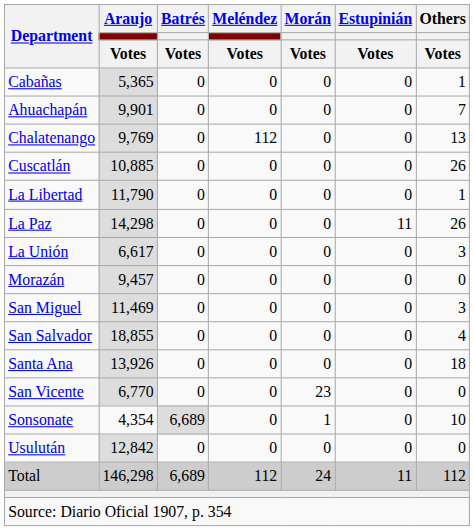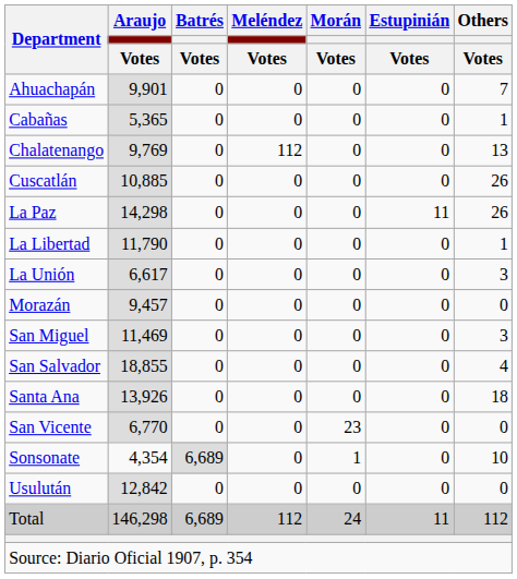 <table class="wikitable sortable" style="text-align:right; font-size:95%; line-height:20px;">
 <tr>
 <th rowspan="3"><a href='#'>Department</a></th>
 <th width="30px" class="unsortable"><a href='#'>Araujo</a></th>
 <th width="30px" class="unsortable"><a href='#'>Batrés</a></th>
 <th width="30px" class="unsortable"><a href='#'>Meléndez</a></th>
 <th width="30px" class="unsortable"><a href='#'>Morán</a></th>
 <th width="30px" class="unsortable"><a href='#'>Estupinián</a></th>
 <th width="30px" class="unsortable">Others</th>
 </tr>
 <tr>
 <th style="background:#800000"></th>
 <th style="background:"></th>
 <th style="background:#800000"></th>
 <th style="background:"></th>
 <th style="background:"></th>
 <th style="background:"></th>
 </tr>
 <tr>
 <th data-sort-type="number">Votes</th>
 <th data-sort-type="number">Votes</th>
 <th data-sort-type="number">Votes</th>
 <th data-sort-type="number">Votes</th>
 <th data-sort-type="number">Votes</th>
 <th data-sort-type="number">Votes</th>
 </tr>
 <tr>
+<td align="left"><a href='#'>Ahuachapán</a></td>
+<td style="background:#DDD">9,901</td>
+<td>0</td>
+<td>0</td>
+<td>0</td>
+<td>0</td>
+<td>7</td>
+</tr>
+<tr>
 <td align="left"><a href='#'>Cabañas</a></td>
 <td style="background:#DDD">5,365</td>
 <td>0</td>
 <td>0</td>
 <td>0</td>
 <td>0</td>
 <td>1</td>
-</tr>
-<tr>
-<td align="left"><a href='#'>Ahuachapán</a></td>
-<td style="background:#DDD">9,901</td>
-<td>0</td>
-<td>0</td>
-<td>0</td>
-<td>0</td>
-<td>7</td>
 </tr>
 <tr>
 <td align="left"><a href='#'>Chalatenango</a></td>
 <td style="background:#DDD">9,769</td>
 <td>0</td>
 <td>112</td>
 <td>0</td>
 <td>0</td>
 <td>13</td>
 </tr>
 <tr>
 <td align="left"><a href='#'>Cuscatlán</a></td>
 <td style="background:#DDD">10,885</td>
 <td>0</td>
 <td>0</td>
 <td>0</td>
 <td>0</td>
 <td>26</td>
 </tr>
 <tr>
+<td align="left"><a href='#'>La Paz</a></td>
+<td style="background:#DDD">14,298</td>
+<td>0</td>
+<td>0</td>
+<td>0</td>
+<td>11</td>
+<td>26</td>
+</tr>
+<tr>
 <td align="left"><a href='#'>La Libertad</a></td>
 <td style="background:#DDD">11,790</td>
 <td>0</td>
 <td>0</td>
 <td>0</td>
 <td>0</td>
 <td>1</td>
-</tr>
-<tr>
-<td align="left"><a href='#'>La Paz</a></td>
-<td style="background:#DDD">14,298</td>
-<td>0</td>
-<td>0</td>
-<td>0</td>
-<td>11</td>
-<td>26</td>
 </tr>
 <tr>
 <td align="left"><a href='#'>La Unión</a></td>
 <td style="background:#DDD">6,617</td>
 <td>0</td>
 <td>0</td>
 <td>0</td>
 <td>0</td>
 <td>3</td>
 </tr>
 <tr>
 <td align="left"><a href='#'>Morazán</a></td>
 <td style="background:#DDD">9,457</td>
 <td>0</td>
 <td>0</td>
 <td>0</td>
 <td>0</td>
 <td>0</td>
 </tr>
 <tr>
 <td align="left"><a href='#'>San Miguel</a></td>
 <td style="background:#DDD">11,469</td>
 <td>0</td>
 <td>0</td>
 <td>0</td>
 <td>0</td>
 <td>3</td>
 </tr>
 <tr>
 <td align="left"><a href='#'>San Salvador</a></td>
 <td style="background:#DDD">18,855</td>
 <td>0</td>
 <td>0</td>
 <td>0</td>
 <td>0</td>
 <td>4</td>
 </tr>
 <tr>
 <td align="left"><a href='#'>Santa Ana</a></td>
 <td style="background:#DDD">13,926</td>
 <td>0</td>
 <td>0</td>
 <td>0</td>
 <td>0</td>
 <td>18</td>
 </tr>
 <tr>
 <td align="left"><a href='#'>San Vicente</a></td>
 <td style="background:#DDD">6,770</td>
 <td>0</td>
 <td>0</td>
 <td>23</td>
 <td>0</td>
 <td>0</td>
 </tr>
 <tr>
 <td align="left"><a href='#'>Sonsonate</a></td>
 <td>4,354</td>
 <td style="background:#DDD">6,689</td>
 <td>0</td>
 <td>1</td>
 <td>0</td>
 <td>10</td>
 </tr>
 <tr>
 <td align="left"><a href='#'>Usulután</a></td>
 <td style="background:#DDD">12,842</td>
 <td>0</td>
 <td>0</td>
 <td>0</td>
 <td>0</td>
 <td>0</td>
 </tr>
 <tr style="background:#CDCDCD;">
 <td align="left">Total</td>
 <td>146,298</td>
 <td>6,689</td>
 <td>112</td>
 <td>24</td>
 <td>11</td>
 <td>112</td>
 </tr>
 <tr>
 <th colspan="7"></th>
 </tr>
 <tr>
 <th style="text-align:left; font-weight:normal; background:#F9F9F9" colspan="7">Source: Diario Oficial 1907, p. 354</th>
 </tr>
 </table>
